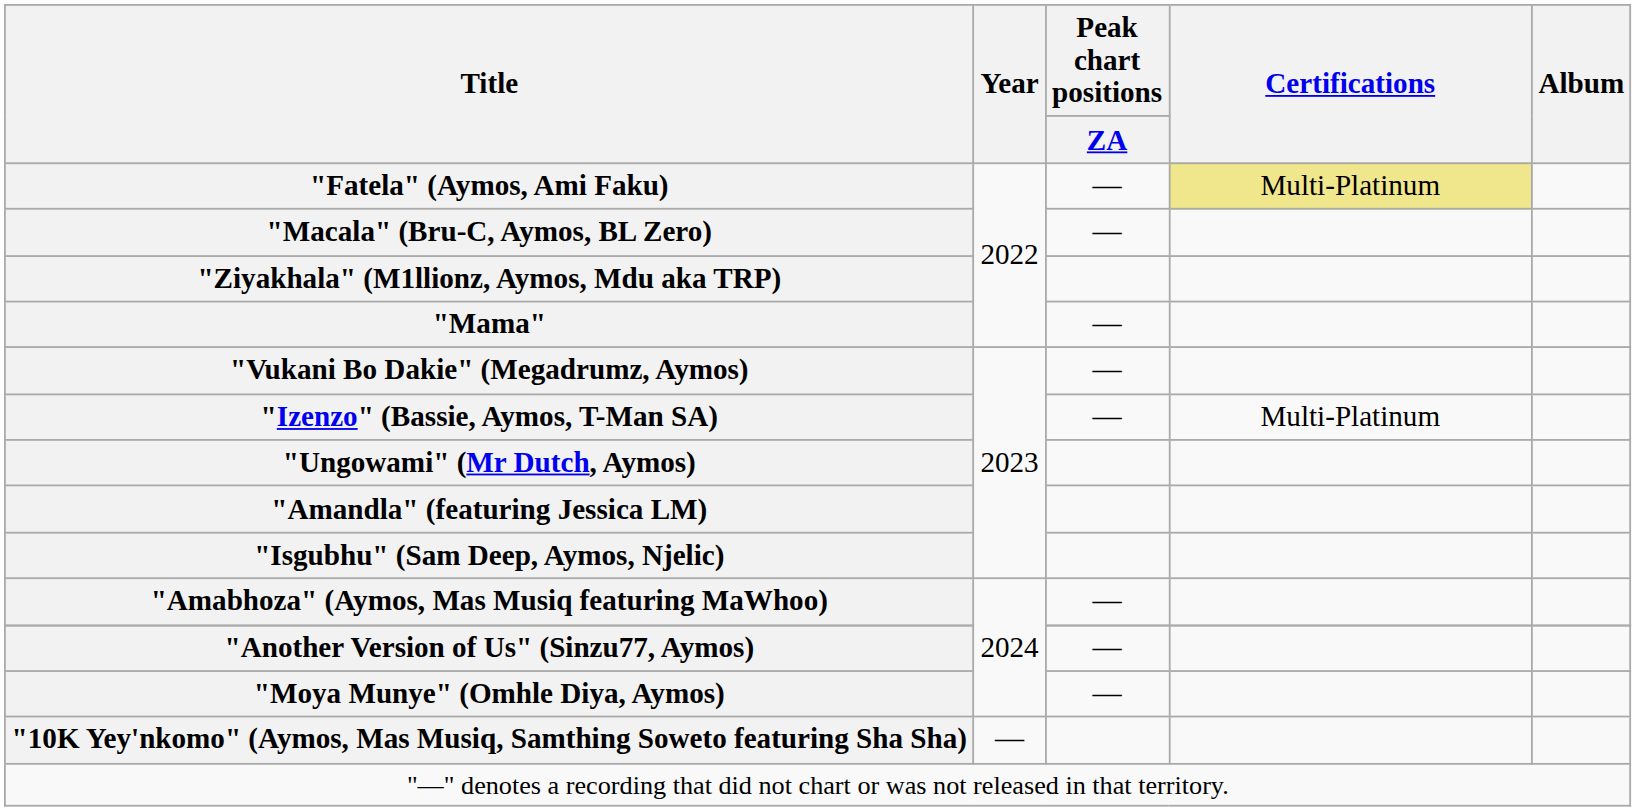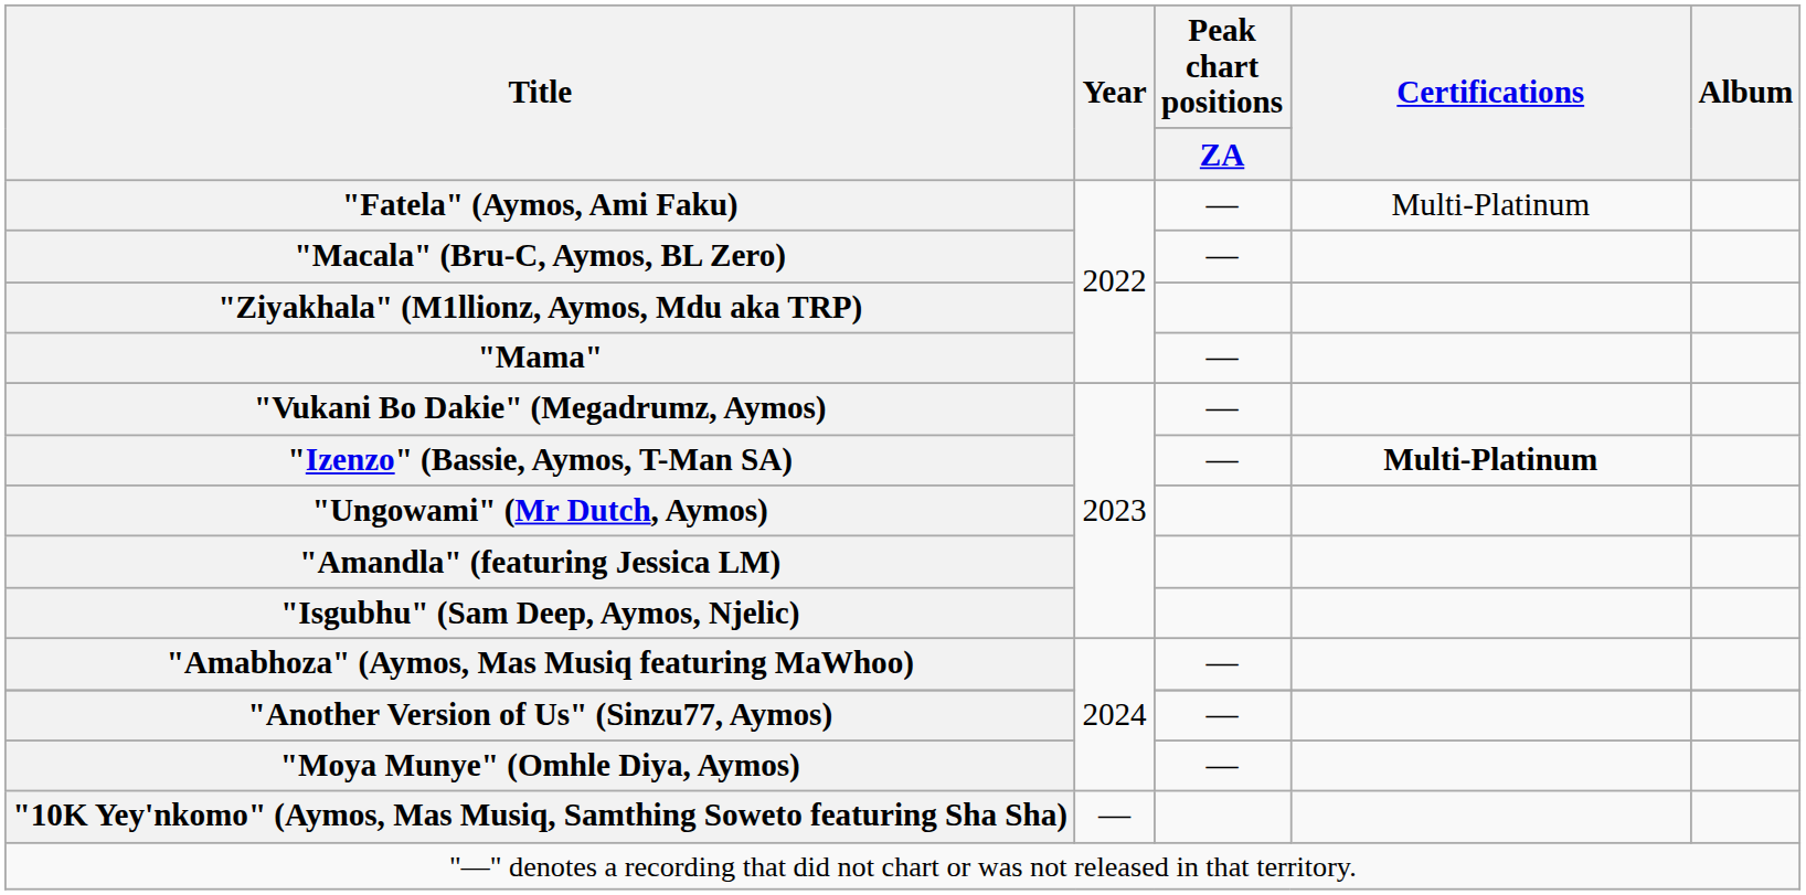 <table class="wikitable plainrowheaders" style="text-align:center;">
 <tr>
 <th scope="col" rowspan="2">Title</th>
 <th scope="col" rowspan="2">Year</th>
 <th scope="col" colspan="1">Peak chart positions</th>
 <th scope="col" rowspan="2" style="width:12em;"><a href='#'>Certifications</a></th>
 <th scope="col" rowspan="2">Album</th>
 </tr>
 <tr>
 <th scope="col" style="width:3em;font-size:100%;"><a href='#'>ZA</a><br></th>
 </tr>
 <tr>
 <th scope="row">"Fatela" (Aymos, Ami Faku)</th>
 <td rowspan=4>2022</td>
 <td>—</td>
-<td style="background: khaki;">Multi-Platinum</td>
+<td>Multi-Platinum</td>
 <td></td>
 </tr>
 <tr>
 <th scope="row">"Macala" (Bru-C, Aymos, BL Zero)</th>
 <td>—</td>
 <td></td>
 <td></td>
 </tr>
 <tr>
 <th scope="row">"Ziyakhala" (M1llionz, Aymos, Mdu aka TRP)</th>
 <td></td>
 <td></td>
 <td></td>
 </tr>
 <tr>
 <th scope="row">"Mama"</th>
 <td>—</td>
 <td></td>
 <td></td>
 </tr>
 <tr>
 <th scope="row">"Vukani Bo Dakie" (Megadrumz, Aymos)</th>
 <td rowspan=5>2023</td>
 <td>—</td>
 <td></td>
 <td></td>
 </tr>
 <tr>
 <th scope="row">"<a href='#'>Izenzo</a>" (Bassie, Aymos, T-Man SA)</th>
 <td>—</td>
-<td>Multi-Platinum</td>
+<td><strong>Multi-Platinum</strong></td>
 <td></td>
 </tr>
 <tr>
 <th scope="row">"Ungowami" (<a href='#'>Mr Dutch</a>, Aymos)</th>
 <td></td>
 <td></td>
 <td></td>
 </tr>
 <tr>
 <th scope="row">"Amandla" (featuring Jessica LM)</th>
 <td></td>
 <td></td>
 <td></td>
 </tr>
 <tr>
 <th scope="row">"Isgubhu" (Sam Deep, Aymos, Njelic)</th>
 <td></td>
 <td></td>
 <td></td>
 </tr>
 <tr>
 <th scope="row">"Amabhoza" (Aymos, Mas Musiq featuring MaWhoo)</th>
 <td rowspan=4>2024</td>
 <td>—</td>
 <td></td>
 <td></td>
 </tr>
 <tr>
 </tr>
 <tr>
 <th scope="row">"Another Version of Us" (Sinzu77, Aymos)</th>
 <td>—</td>
 <td></td>
 <td></td>
 </tr>
 <tr>
 <th scope="row">"Moya Munye" (Omhle Diya, Aymos)</th>
 <td>—</td>
 <td></td>
 <td></td>
 </tr>
 <tr>
 <th scope="row">"10K Yey'nkomo" (Aymos, Mas Musiq, Samthing Soweto featuring Sha Sha)</th>
 <td>—</td>
 <td></td>
 <td></td>
 </tr>
 <tr>
 <td colspan="8" style="font-size:90%">"—" denotes a recording that did not chart or was not released in that territory.</td>
 </tr>
 </table>
